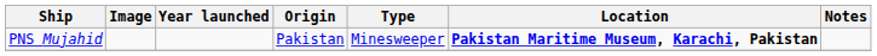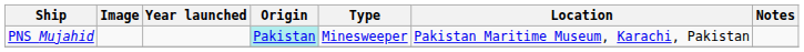 <table class="wikitable sortable">
 <tr>
 <th>Ship</th>
 <th>Image</th>
 <th>Year launched</th>
 <th>Origin</th>
 <th>Type</th>
 <th>Location</th>
 <th>Notes</th>
 </tr>
 <tr>
 <td data-sort-value=PNS Mujahid><a href='#'>PNS <em>Mujahid</em></a></td>
 <td></td>
 <td></td>
-<td> <a href='#'>Pakistan</a></td>
+<td style="background: paleturquoise;"> <a href='#'>Pakistan</a></td>
 <td><a href='#'>Minesweeper</a></td>
-<td><strong><a href='#'>Pakistan Maritime Museum</a>, <a href='#'>Karachi</a>, Pakistan<br></strong></td>
+<td><a href='#'>Pakistan Maritime Museum</a>, <a href='#'>Karachi</a>, Pakistan<br></td>
 <td></td>
 </tr>
 <tr>
 </tr>
 </table>
